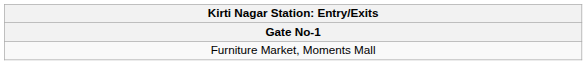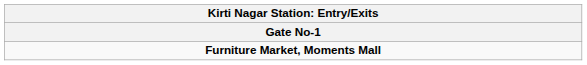 <table class="wikitable" style="text-align: center;" width="50%">
 <tr>
 <th align="center" colspan="2" style="background:#"><span>Kirti Nagar Station: Entry/Exits</span></th>
 </tr>
 <tr>
 <th style="width:50%;">Gate No-1 </th>
 </tr>
 <tr>
-<td>Furniture Market, Moments Mall</td>
+<td><strong>Furniture Market, Moments Mall</strong></td>
 </tr>
 </table>
